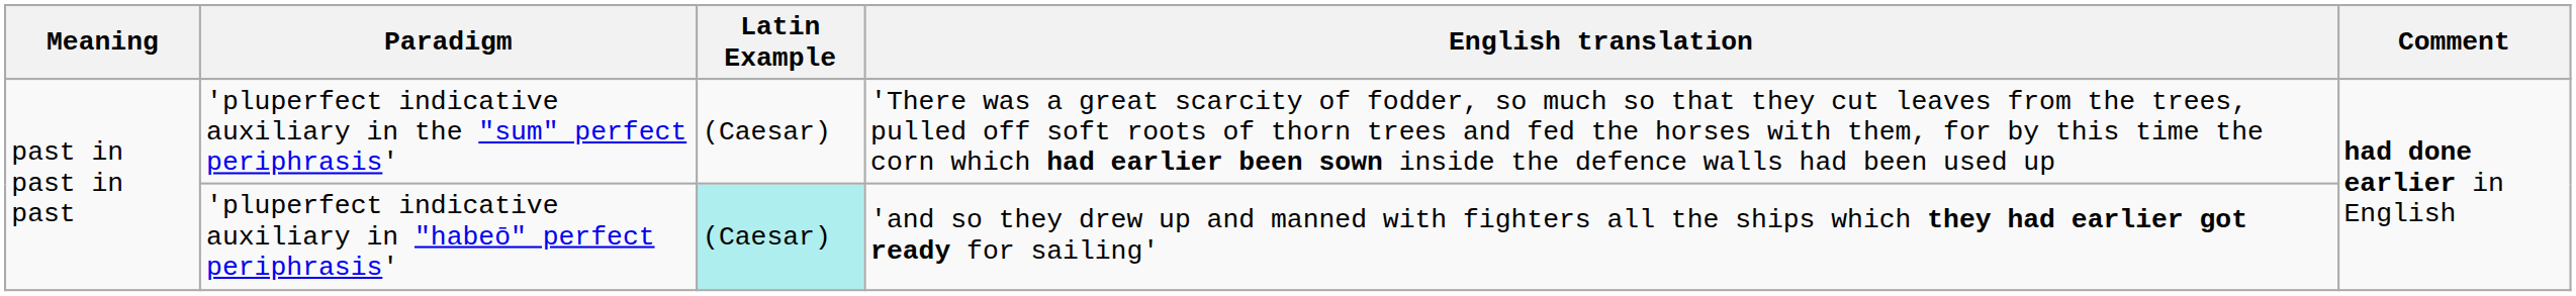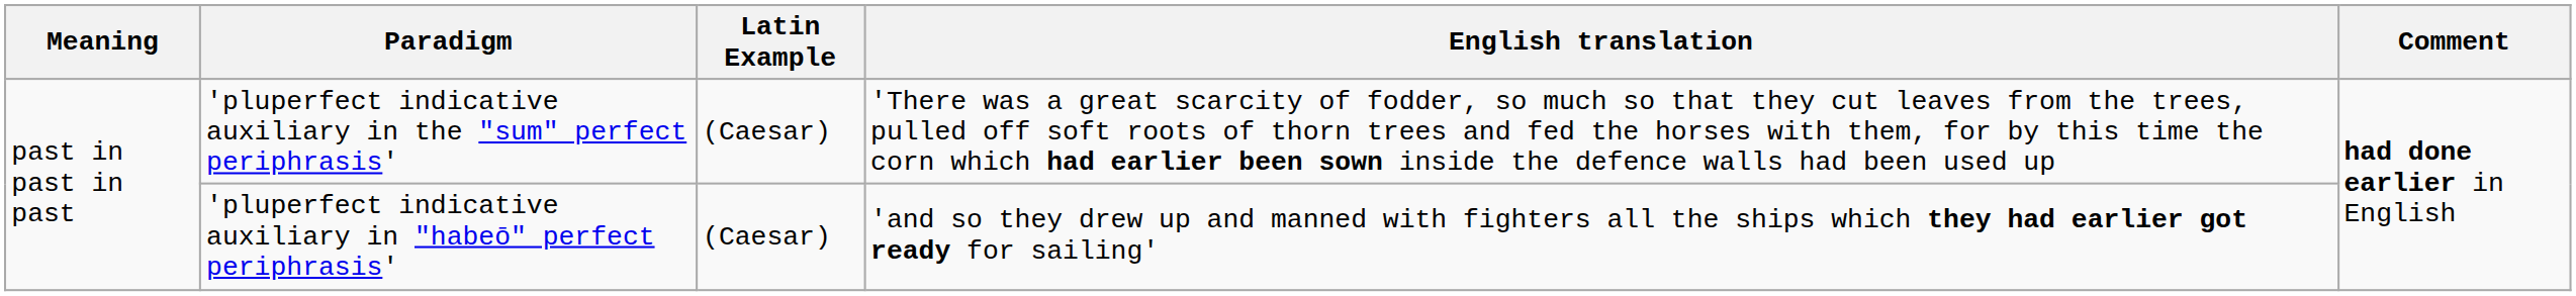 <table class="wikitable">
 <tr>
 <th>Meaning</th>
 <th>Paradigm</th>
 <th>Latin Example</th>
 <th>English translation</th>
 <th>Comment</th>
 </tr>
 <tr>
 <td rowspan=2>past in past in past</td>
 <td>'pluperfect indicative auxiliary in the <a href='#'>"sum" perfect periphrasis</a>'</td>
 <td> (Caesar)</td>
 <td>'There was a great scarcity of fodder, so much so that they cut leaves from the trees, pulled off soft roots of thorn trees and fed the horses with them, for by this time the corn which <strong>had earlier been sown</strong> inside the defence walls had been used up</td>
 <td rowspan=4><strong>had done earlier</strong> in English</td>
 </tr>
 <tr>
 <td>'pluperfect indicative auxiliary in <a href='#'>"habeō" perfect periphrasis</a>'</td>
-<td style="background: paleturquoise;"> (Caesar)</td>
+<td> (Caesar)</td>
 <td>'and so they drew up and manned with fighters all the ships which <strong>they had earlier got ready</strong> for sailing'</td>
 </tr>
 </table>
